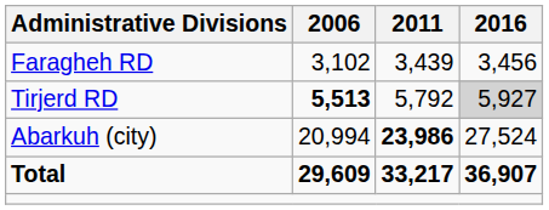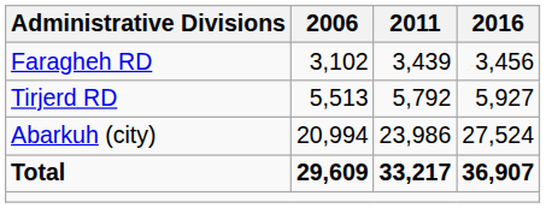 <table class="wikitable">
 <tr>
 <th>Administrative Divisions</th>
 <th>2006</th>
 <th>2011</th>
 <th>2016</th>
 </tr>
 <tr>
 <td><a href='#'>Faragheh RD</a></td>
 <td style="text-align: right;">3,102</td>
 <td style="text-align: right;">3,439</td>
 <td style="text-align: right;">3,456</td>
 </tr>
 <tr>
 <td><a href='#'>Tirjerd RD</a></td>
-<td style="text-align: right;"><strong>5,513</strong></td>
+<td style="text-align: right;">5,513</td>
 <td style="text-align: right;">5,792</td>
-<td style="background: lightgrey; text-align: right;">5,927</td>
+<td style="text-align: right;">5,927</td>
 </tr>
 <tr>
 <td><a href='#'>Abarkuh</a> (city)</td>
 <td style="text-align: right;">20,994</td>
-<td style="text-align: right;"><strong>23,986</strong></td>
+<td style="text-align: right;">23,986</td>
 <td style="text-align: right;">27,524</td>
 </tr>
 <tr>
 <td><strong>Total</strong></td>
 <td style="text-align: right;"><strong>29,609</strong></td>
 <td style="text-align: right;"><strong>33,217</strong></td>
 <td style="text-align: right;"><strong>36,907</strong></td>
 </tr>
 <tr>
 <td colspan=4></td>
 </tr>
 </table>
